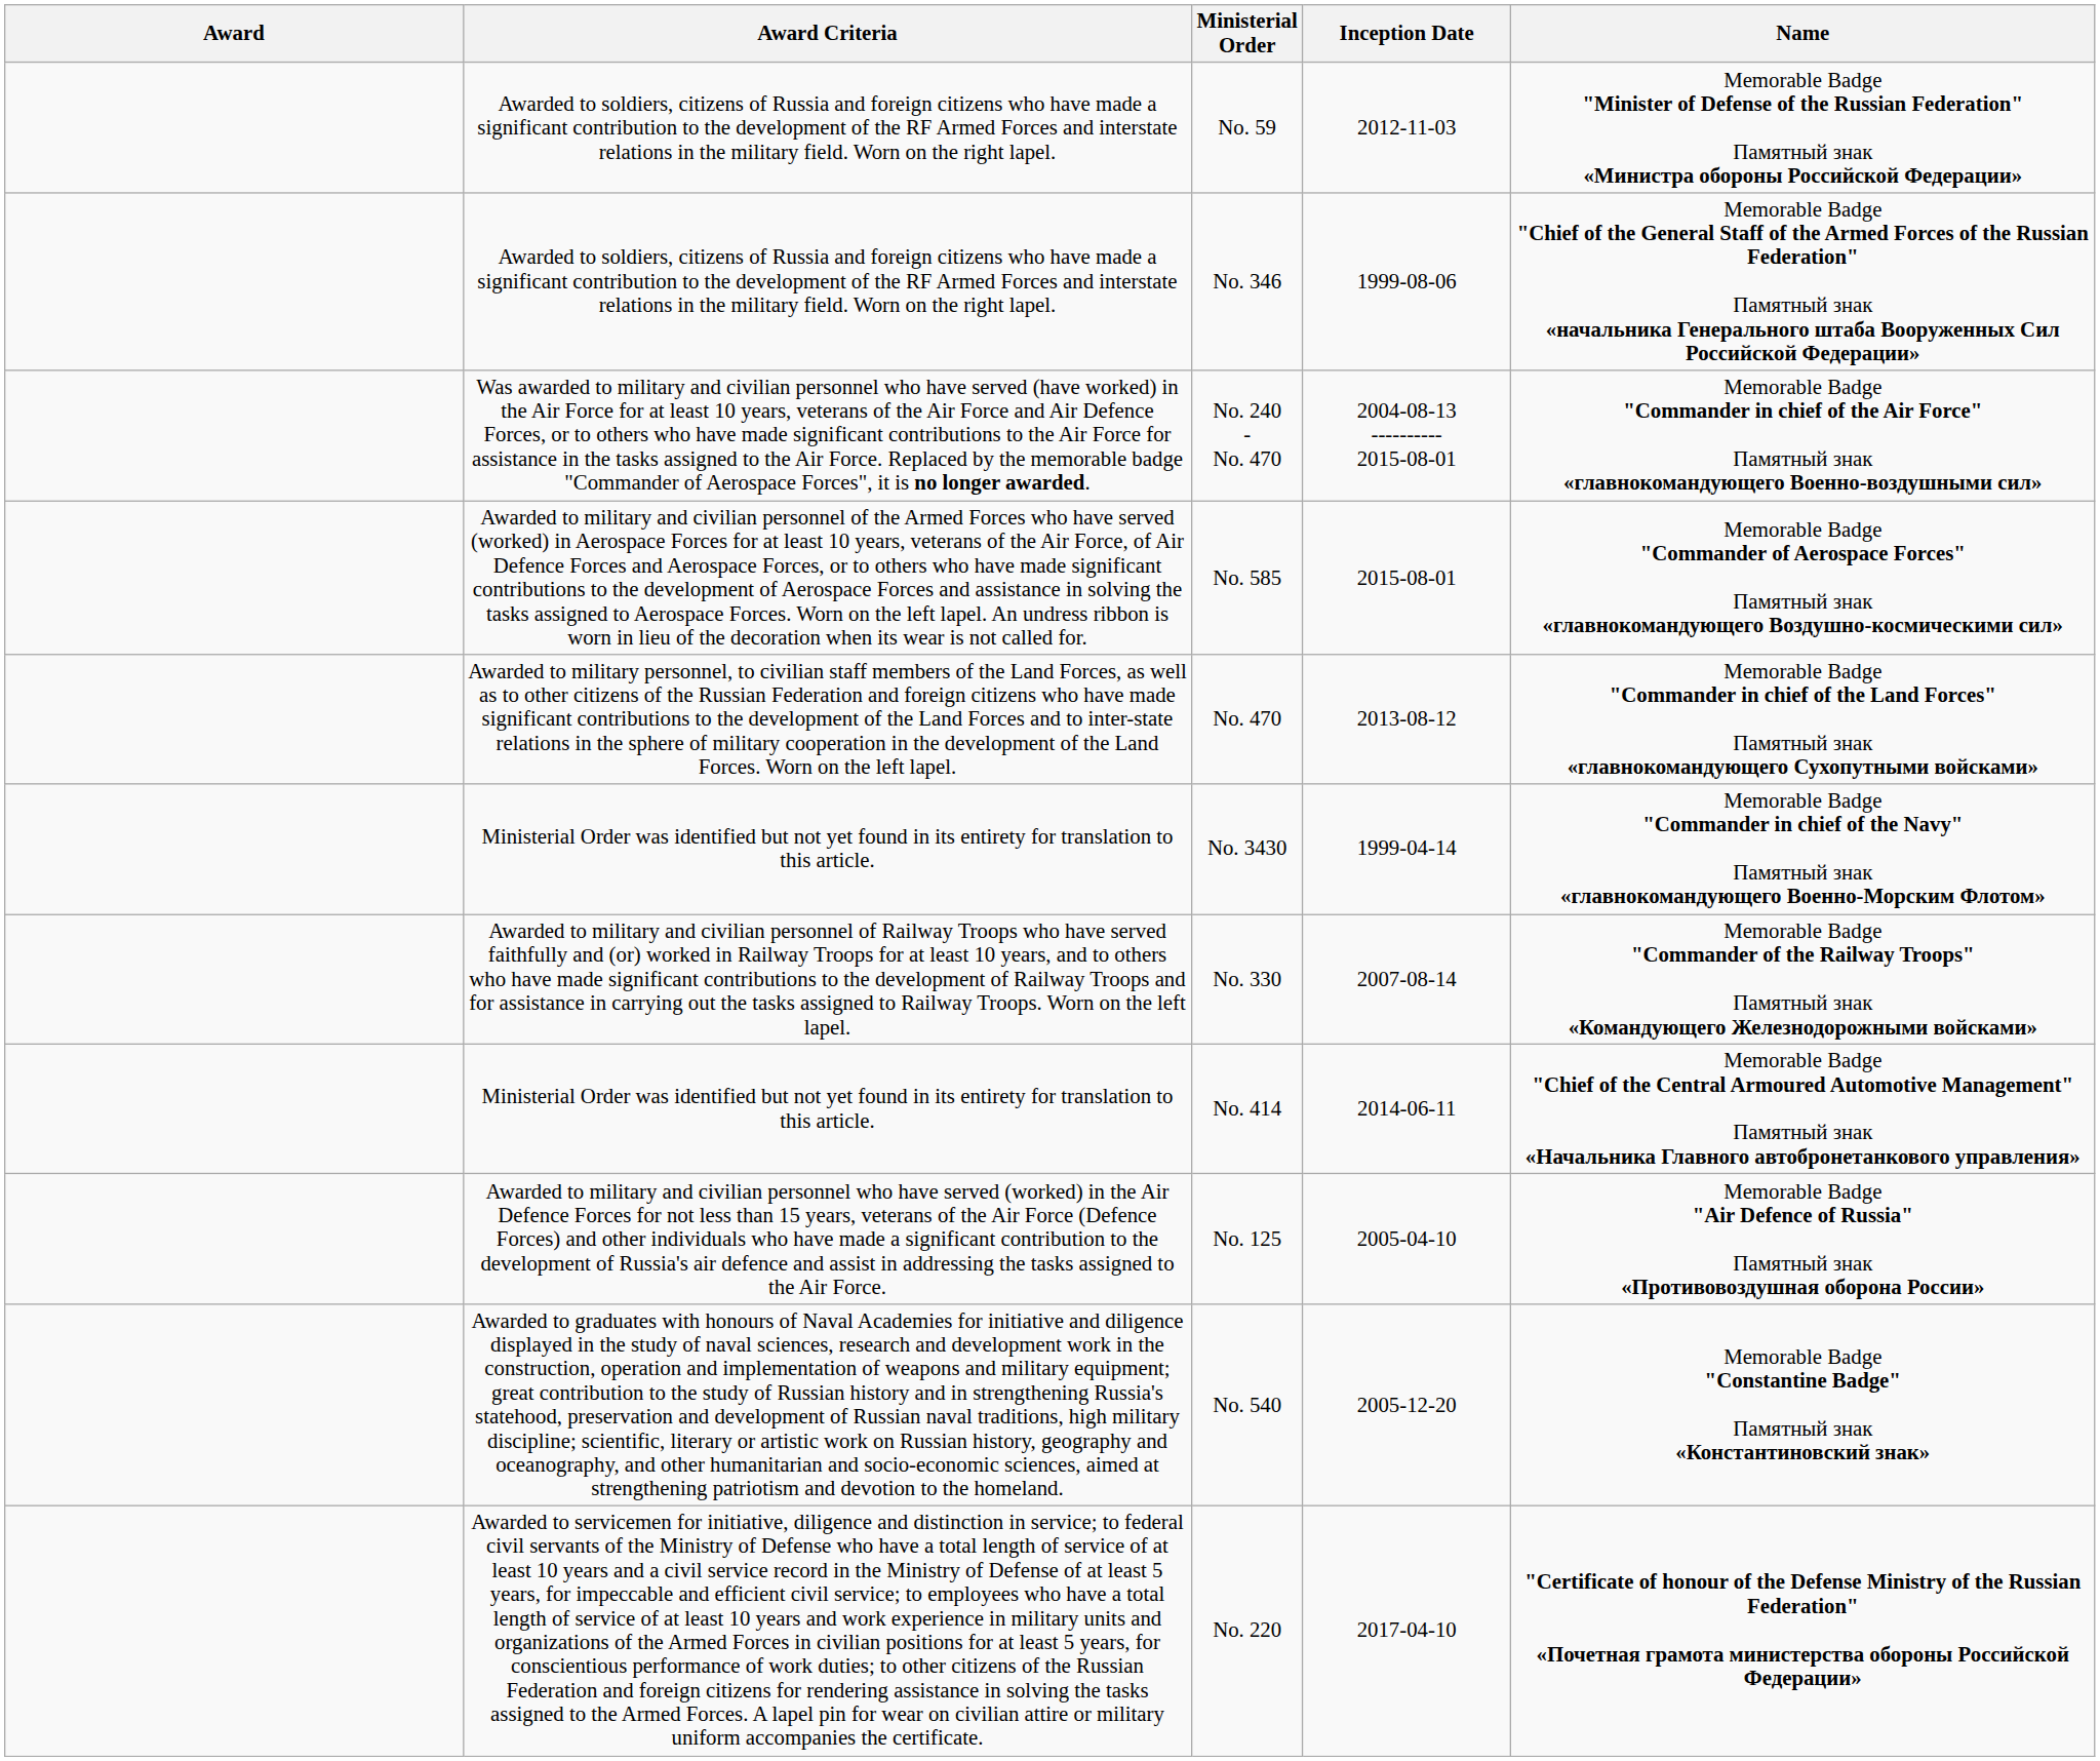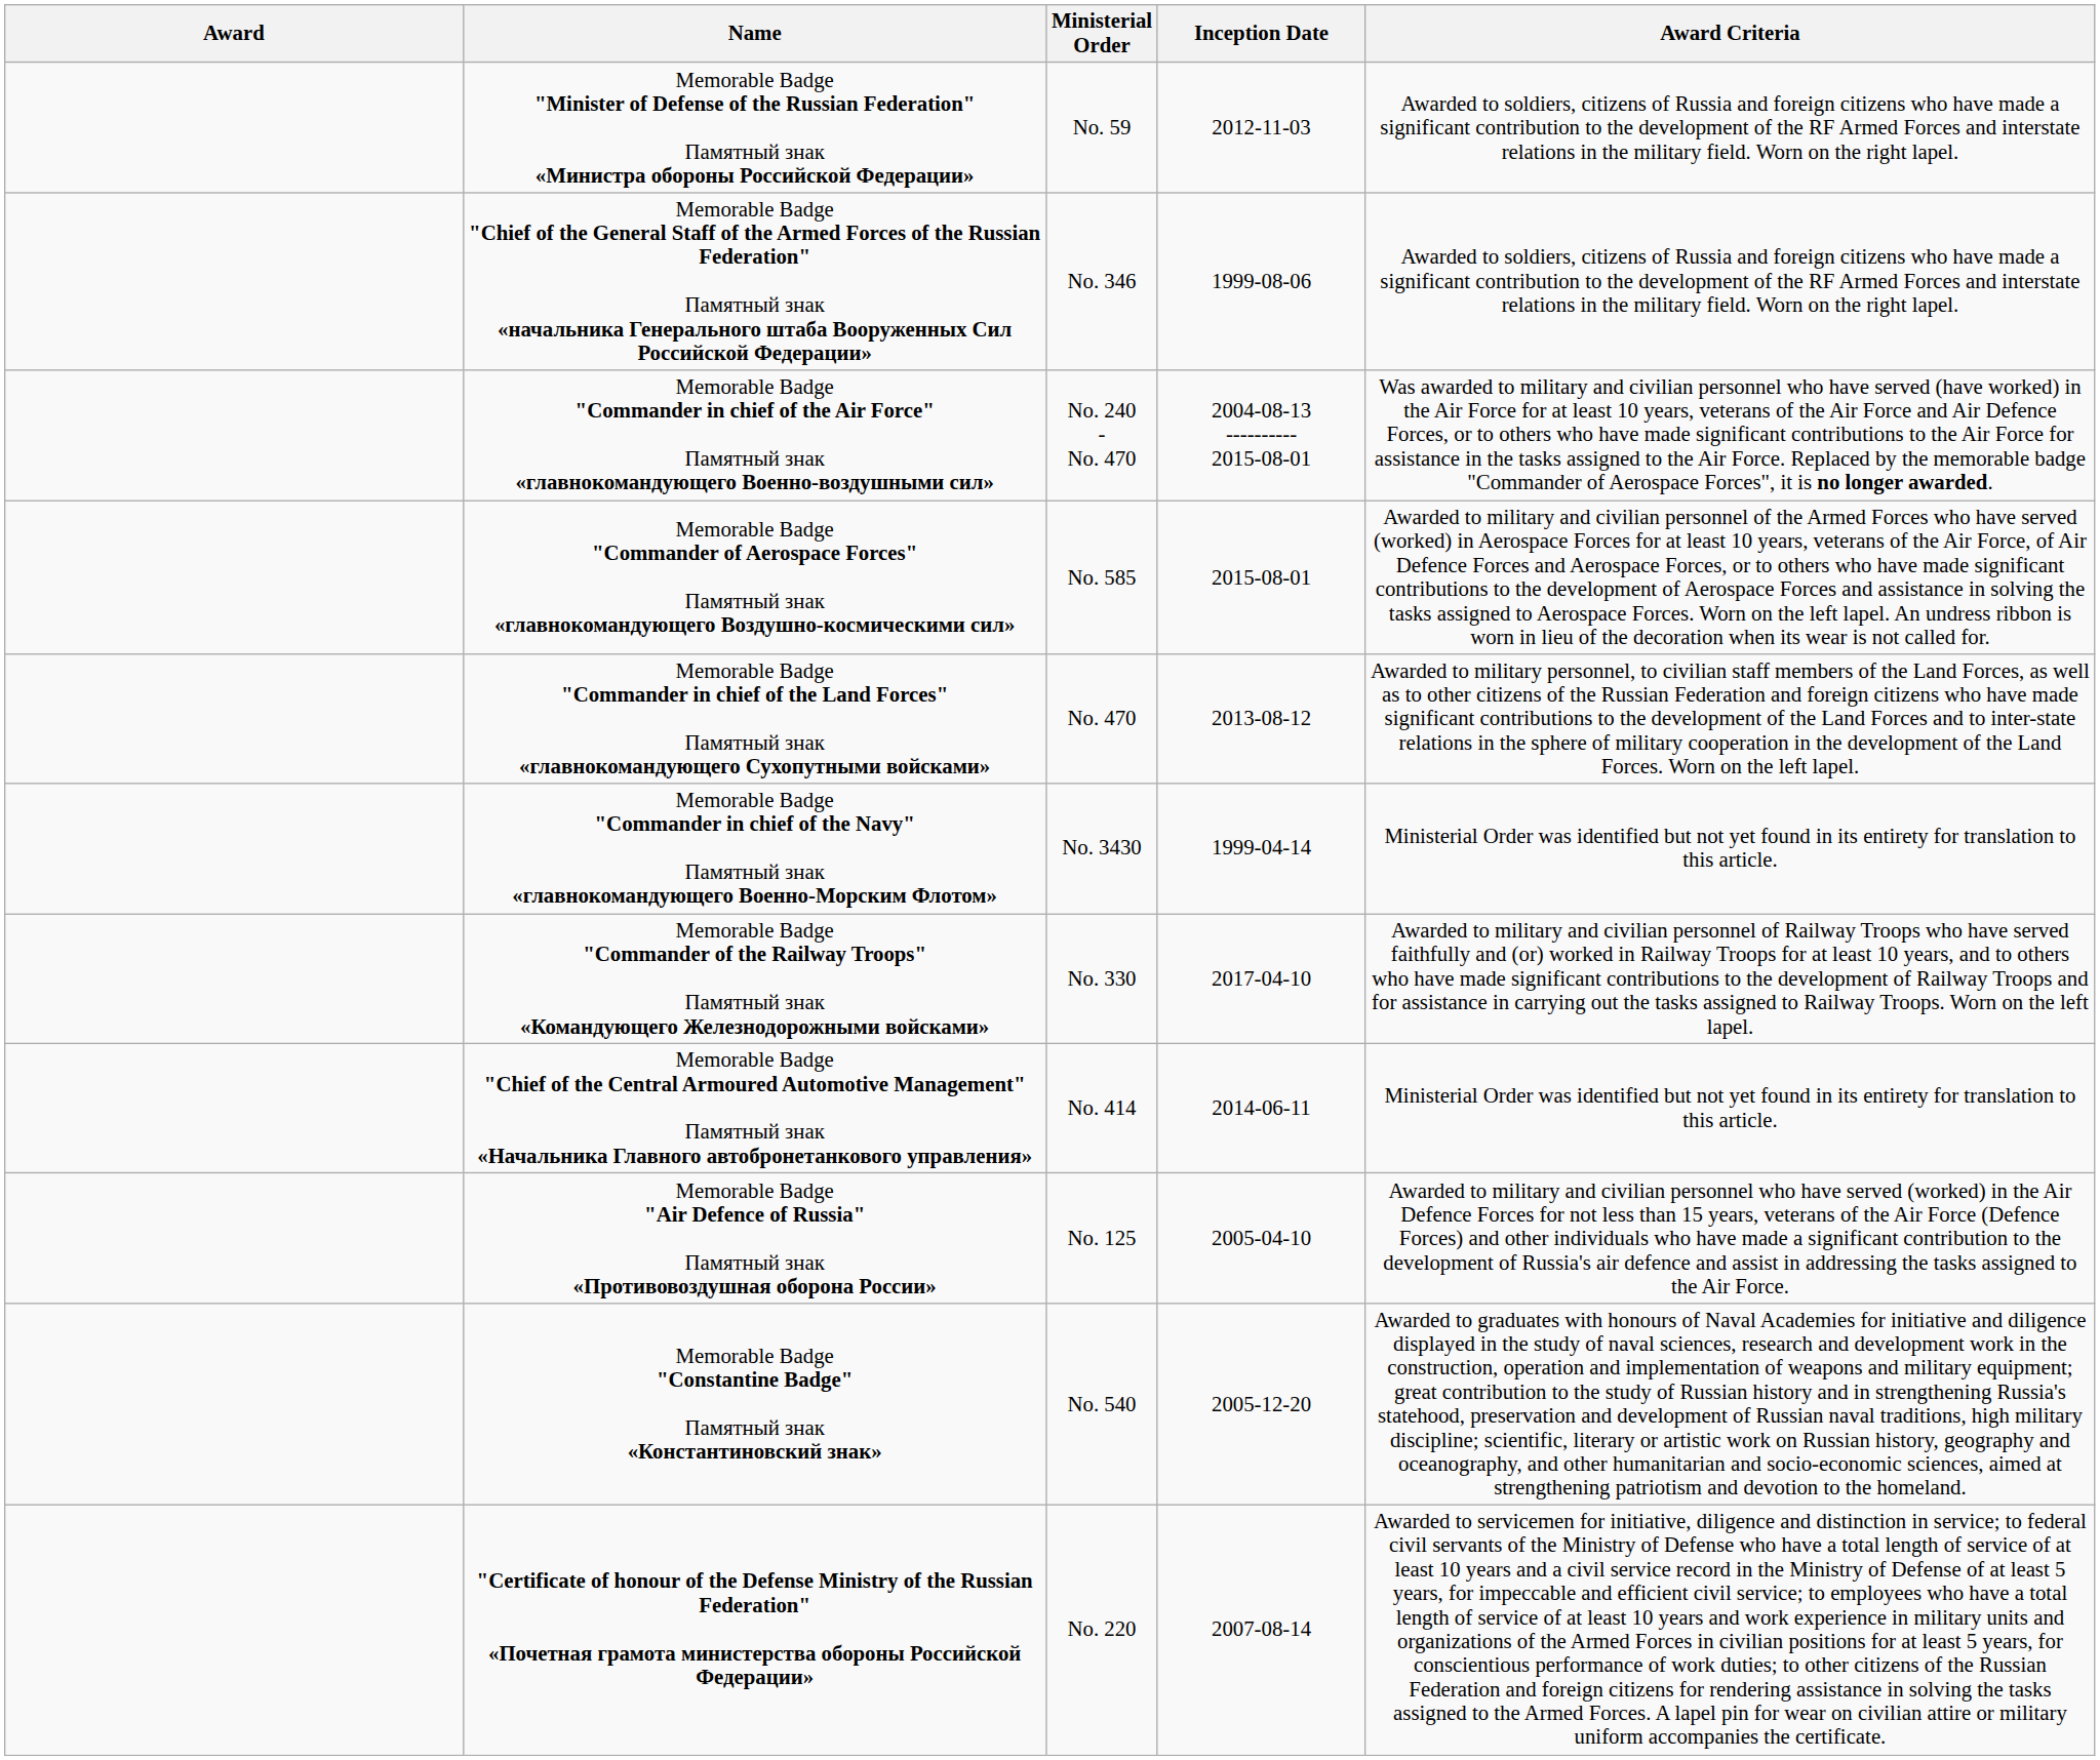 <table class="wikitable sortable" style="text-align:center">
 <tr>
 <th style="width:22%">Award</th>
-<th style="width:35%">Award Criteria</th>
+<th style="width:28%">Name </th>
 <th>Ministerial Order</th>
 <th style="width:10%">Inception Date</th>
-<th style="width:28%">Name </th>
+<th style="width:35%">Award Criteria</th>
 </tr>
 <tr>
 <td></td>
-<td>Awarded to soldiers, citizens of Russia and foreign citizens who have made a significant contribution to the development of the RF Armed Forces and interstate relations in the military field. Worn on the right lapel.</td>
+<td>Memorable Badge<br><strong>"Minister of Defense of the Russian Federation"</strong><br><br>Памятный знак<br><strong>«Министра обороны Российской Федерации»</strong></td>
 <td>No. 59</td>
 <td>2012-11-03</td>
-<td>Memorable Badge<br><strong>"Minister of Defense of the Russian Federation"</strong><br><br>Памятный знак<br><strong>«Министра обороны Российской Федерации»</strong></td>
+<td>Awarded to soldiers, citizens of Russia and foreign citizens who have made a significant contribution to the development of the RF Armed Forces and interstate relations in the military field. Worn on the right lapel.</td>
 </tr>
 <tr>
 <td></td>
-<td>Awarded to soldiers, citizens of Russia and foreign citizens who have made a significant contribution to the development of the RF Armed Forces and interstate relations in the military field. Worn on the right lapel.</td>
+<td>Memorable Badge<br><strong>"Chief of the General Staff of the Armed Forces of the Russian Federation"</strong><br><br>Памятный знак<br><strong>«начальника Генерального штаба Вооруженных Сил Российской Федерации»</strong></td>
 <td>No. 346</td>
 <td>1999-08-06</td>
-<td>Memorable Badge<br><strong>"Chief of the General Staff of the Armed Forces of the Russian Federation"</strong><br><br>Памятный знак<br><strong>«начальника Генерального штаба Вооруженных Сил Российской Федерации»</strong></td>
+<td>Awarded to soldiers, citizens of Russia and foreign citizens who have made a significant contribution to the development of the RF Armed Forces and interstate relations in the military field. Worn on the right lapel.</td>
 </tr>
 <tr>
 <td></td>
-<td>Was awarded to military and civilian personnel who have served (have worked) in the Air Force for at least 10 years, veterans of the Air Force and Air Defence Forces, or to others who have made significant contributions to the Air Force for assistance in the tasks assigned to the Air Force. Replaced by the memorable badge "Commander of Aerospace Forces", it is <strong>no longer awarded</strong>.</td>
+<td>Memorable Badge<br><strong>"Commander in chief of the Air Force"</strong><br><br>Памятный знак<br><strong>«главнокомандующего Военно-воздушными сил»</strong></td>
 <td>No. 240<br>-<br>No. 470</td>
 <td>2004-08-13<br>----------<br>2015-08-01</td>
-<td>Memorable Badge<br><strong>"Commander in chief of the Air Force"</strong><br><br>Памятный знак<br><strong>«главнокомандующего Военно-воздушными сил»</strong></td>
+<td>Was awarded to military and civilian personnel who have served (have worked) in the Air Force for at least 10 years, veterans of the Air Force and Air Defence Forces, or to others who have made significant contributions to the Air Force for assistance in the tasks assigned to the Air Force. Replaced by the memorable badge "Commander of Aerospace Forces", it is <strong>no longer awarded</strong>.</td>
 </tr>
 <tr>
 <td><br></td>
-<td>Awarded to military and civilian personnel of the Armed Forces who have served (worked) in Aerospace Forces for at least 10 years, veterans of the Air Force, of Air Defence Forces and Aerospace Forces, or to others who have made significant contributions to the development of Aerospace Forces and assistance in solving the tasks assigned to Aerospace Forces. Worn on the left lapel. An undress ribbon is worn in lieu of the decoration when its wear is not called for.</td>
+<td>Memorable Badge<br><strong>"Commander of Aerospace Forces"</strong><br><br>Памятный знак<br><strong>«главнокомандующего Воздушно-космическими сил»</strong></td>
 <td>No. 585</td>
 <td>2015-08-01</td>
-<td>Memorable Badge<br><strong>"Commander of Aerospace Forces"</strong><br><br>Памятный знак<br><strong>«главнокомандующего Воздушно-космическими сил»</strong></td>
+<td>Awarded to military and civilian personnel of the Armed Forces who have served (worked) in Aerospace Forces for at least 10 years, veterans of the Air Force, of Air Defence Forces and Aerospace Forces, or to others who have made significant contributions to the development of Aerospace Forces and assistance in solving the tasks assigned to Aerospace Forces. Worn on the left lapel. An undress ribbon is worn in lieu of the decoration when its wear is not called for.</td>
 </tr>
 <tr>
 <td></td>
-<td>Awarded to military personnel, to civilian staff members of the Land Forces, as well as to other citizens of the Russian Federation and foreign citizens who have made significant contributions to the development of the Land Forces and to inter-state relations in the sphere of military cooperation in the development of the Land Forces. Worn on the left lapel.</td>
+<td>Memorable Badge<br><strong>"Commander in chief of the Land Forces"</strong><br><br>Памятный знак<br><strong>«главнокомандующего Сухопутными войсками»</strong></td>
 <td>No. 470</td>
 <td>2013-08-12</td>
-<td>Memorable Badge<br><strong>"Commander in chief of the Land Forces"</strong><br><br>Памятный знак<br><strong>«главнокомандующего Сухопутными войсками»</strong></td>
+<td>Awarded to military personnel, to civilian staff members of the Land Forces, as well as to other citizens of the Russian Federation and foreign citizens who have made significant contributions to the development of the Land Forces and to inter-state relations in the sphere of military cooperation in the development of the Land Forces. Worn on the left lapel.</td>
 </tr>
 <tr>
 <td></td>
-<td>Ministerial Order was identified but not yet found in its entirety for translation to this article.</td>
+<td>Memorable Badge<br><strong>"Commander in chief of the Navy"</strong><br><br>Памятный знак<br><strong>«главнокомандующего Военно-Морским Флотом»</strong></td>
 <td>No. 3430</td>
 <td>1999-04-14</td>
-<td>Memorable Badge<br><strong>"Commander in chief of the Navy"</strong><br><br>Памятный знак<br><strong>«главнокомандующего Военно-Морским Флотом»</strong></td>
+<td>Ministerial Order was identified but not yet found in its entirety for translation to this article.</td>
 </tr>
 <tr>
 <td></td>
+<td>Memorable Badge<br><strong>"Commander of the Railway Troops"</strong><br><br>Памятный знак<br><strong>«Командующего Железнодорожными войсками»</strong></td>
+<td>No. 330</td>
+<td>2017-04-10</td>
 <td>Awarded to military and civilian personnel of Railway Troops who have served faithfully and (or) worked in Railway Troops for at least 10 years, and to others who have made significant contributions to the development of Railway Troops and for assistance in carrying out the tasks assigned to Railway Troops. Worn on the left lapel.</td>
-<td>No. 330</td>
-<td>2007-08-14</td>
-<td>Memorable Badge<br><strong>"Commander of the Railway Troops"</strong><br><br>Памятный знак<br><strong>«Командующего Железнодорожными войсками»</strong></td>
 </tr>
 <tr>
 <td></td>
-<td>Ministerial Order was identified but not yet found in its entirety for translation to this article.</td>
+<td>Memorable Badge<br><strong>"Chief of the Central Armoured Automotive Management"</strong><br><br>Памятный знак<br><strong>«Начальника Главного автобронетанкового управления»</strong></td>
 <td>No. 414</td>
 <td>2014-06-11</td>
-<td>Memorable Badge<br><strong>"Chief of the Central Armoured Automotive Management"</strong><br><br>Памятный знак<br><strong>«Начальника Главного автобронетанкового управления»</strong></td>
+<td>Ministerial Order was identified but not yet found in its entirety for translation to this article.</td>
 </tr>
 <tr>
 <td></td>
-<td>Awarded to military and civilian personnel who have served (worked) in the Air Defence Forces for not less than 15 years, veterans of the Air Force (Defence Forces) and other individuals who have made a significant contribution to the development of Russia's air defence and assist in addressing the tasks assigned to the Air Force.</td>
+<td>Memorable Badge<br><strong>"Air Defence of Russia"</strong><br><br>Памятный знак<br><strong>«Противовоздушная оборона России»</strong></td>
 <td>No. 125</td>
 <td>2005-04-10</td>
-<td>Memorable Badge<br><strong>"Air Defence of Russia"</strong><br><br>Памятный знак<br><strong>«Противовоздушная оборона России»</strong></td>
+<td>Awarded to military and civilian personnel who have served (worked) in the Air Defence Forces for not less than 15 years, veterans of the Air Force (Defence Forces) and other individuals who have made a significant contribution to the development of Russia's air defence and assist in addressing the tasks assigned to the Air Force.</td>
 </tr>
 <tr>
 <td></td>
-<td>Awarded to graduates with honours of Naval Academies for initiative and diligence displayed in the study of naval sciences, research and development work in the construction, operation and implementation of weapons and military equipment; great contribution to the study of Russian history and in strengthening Russia's statehood, preservation and development of Russian naval traditions, high military discipline; scientific, literary or artistic work on Russian history, geography and oceanography, and other humanitarian and socio-economic sciences, aimed at strengthening patriotism and devotion to the homeland.</td>
+<td>Memorable Badge<br><strong>"Constantine Badge"</strong><br><br>Памятный знак<br><strong>«Константиновский знак»</strong></td>
 <td>No. 540</td>
 <td>2005-12-20</td>
-<td>Memorable Badge<br><strong>"Constantine Badge"</strong><br><br>Памятный знак<br><strong>«Константиновский знак»</strong></td>
+<td>Awarded to graduates with honours of Naval Academies for initiative and diligence displayed in the study of naval sciences, research and development work in the construction, operation and implementation of weapons and military equipment; great contribution to the study of Russian history and in strengthening Russia's statehood, preservation and development of Russian naval traditions, high military discipline; scientific, literary or artistic work on Russian history, geography and oceanography, and other humanitarian and socio-economic sciences, aimed at strengthening patriotism and devotion to the homeland.</td>
 </tr>
 <tr>
 <td><br></td>
+<td><strong>"Certificate of honour of the Defense Ministry of the Russian Federation"</strong><br><br><strong>«Почетная грамота министерства обороны Российской Федерации»</strong></td>
+<td>No. 220</td>
+<td>2007-08-14</td>
 <td>Awarded to servicemen for initiative, diligence and distinction in service; to federal civil servants of the Ministry of Defense who have a total length of service of at least 10 years and a civil service record in the Ministry of Defense of at least 5 years, for impeccable and efficient civil service; to employees who have a total length of service of at least 10 years and work experience in military units and organizations of the Armed Forces in civilian positions for at least 5 years, for conscientious performance of work duties; to other citizens of the Russian Federation and foreign citizens for rendering assistance in solving the tasks assigned to the Armed Forces. A lapel pin for wear on civilian attire or military uniform accompanies the certificate.</td>
-<td>No. 220</td>
-<td>2017-04-10</td>
-<td><strong>"Certificate of honour of the Defense Ministry of the Russian Federation"</strong><br><br><strong>«Почетная грамота министерства обороны Российской Федерации»</strong></td>
 </tr>
 </table>
